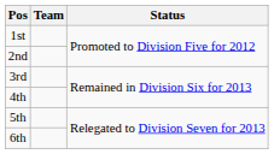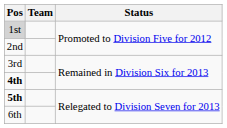 <table class="wikitable">
 <tr>
 <th>Pos</th>
 <th>Team</th>
 <th>Status</th>
 </tr>
 <tr>
-<td align="center">1st</td>
+<td align="center" style="background: lightgrey;">1st</td>
 <td></td>
 <td rowspan=2>Promoted to <a href='#'>Division Five for 2012</a></td>
 </tr>
 <tr>
 <td align="center">2nd</td>
 <td></td>
 </tr>
 <tr>
 <td align="center">3rd</td>
 <td></td>
 <td rowspan=2>Remained in <a href='#'>Division Six for 2013</a></td>
 </tr>
 <tr>
-<td align="center">4th</td>
+<td align="center"><strong>4th</strong></td>
 <td></td>
 </tr>
 <tr>
-<td align="center">5th</td>
+<td align="center"><strong>5th</strong></td>
 <td></td>
 <td rowspan=2>Relegated to <a href='#'>Division Seven for 2013</a></td>
 </tr>
 <tr>
 <td align="center">6th</td>
 <td></td>
 </tr>
 </table>
